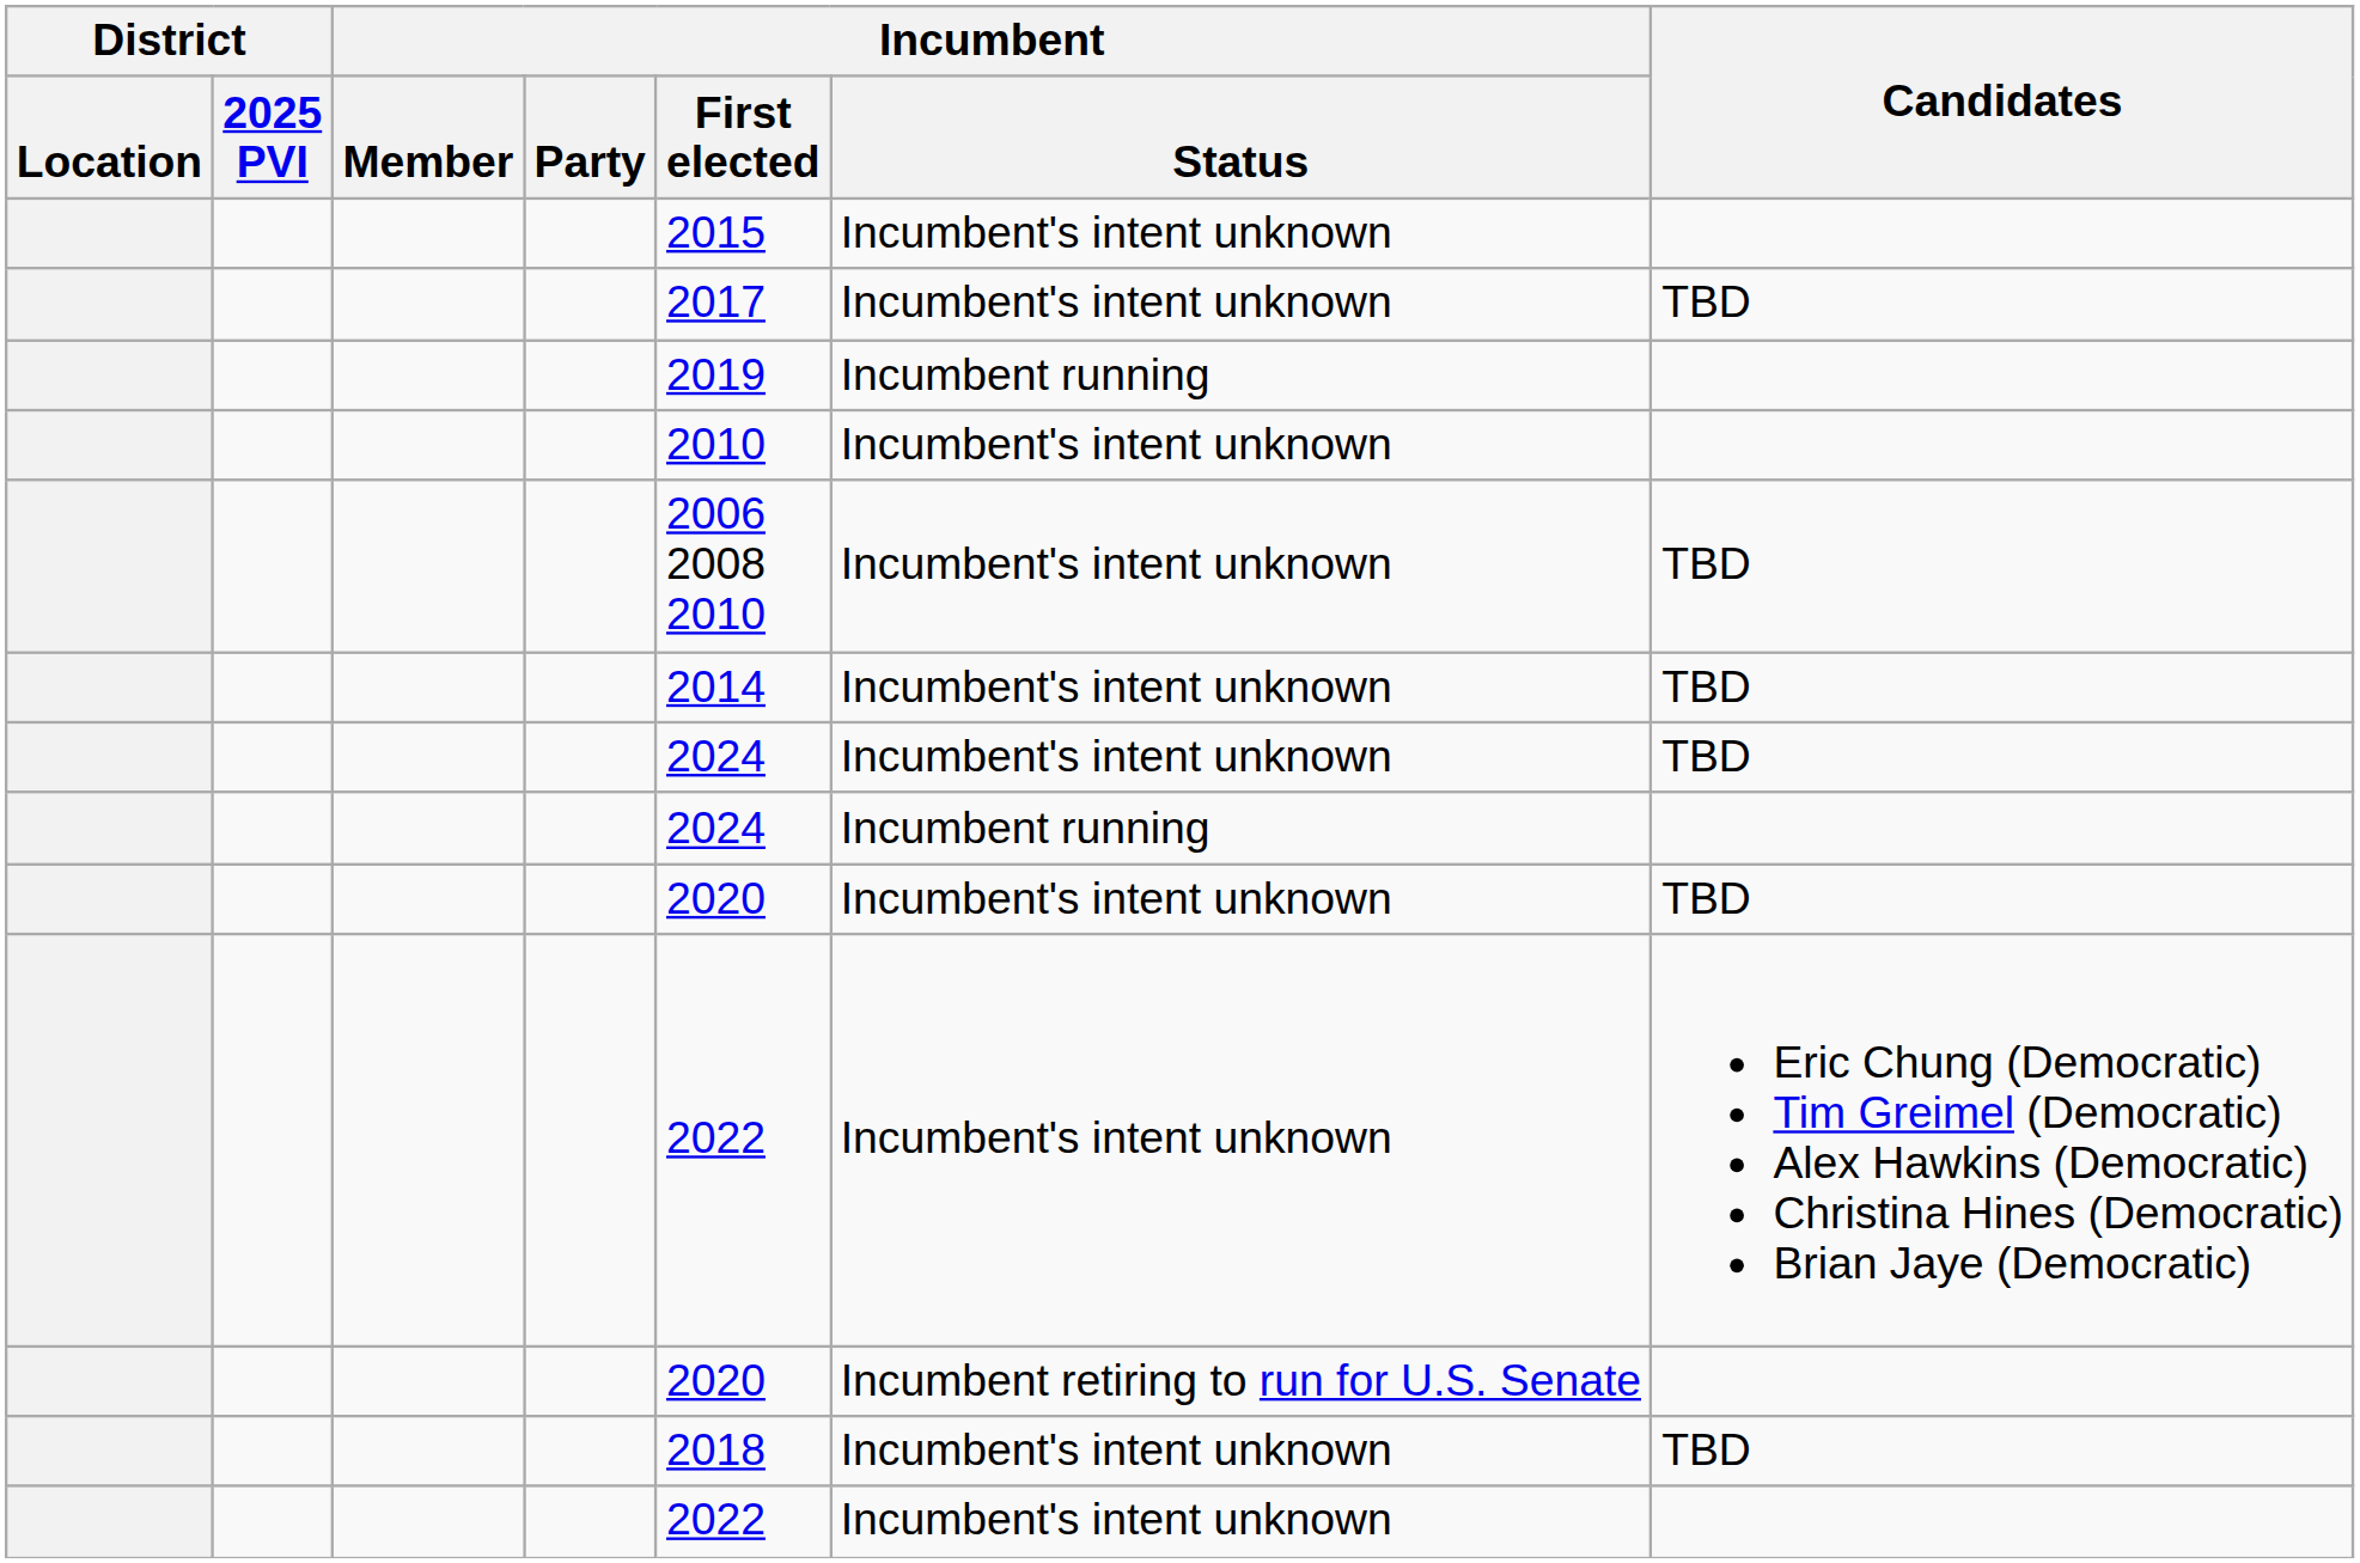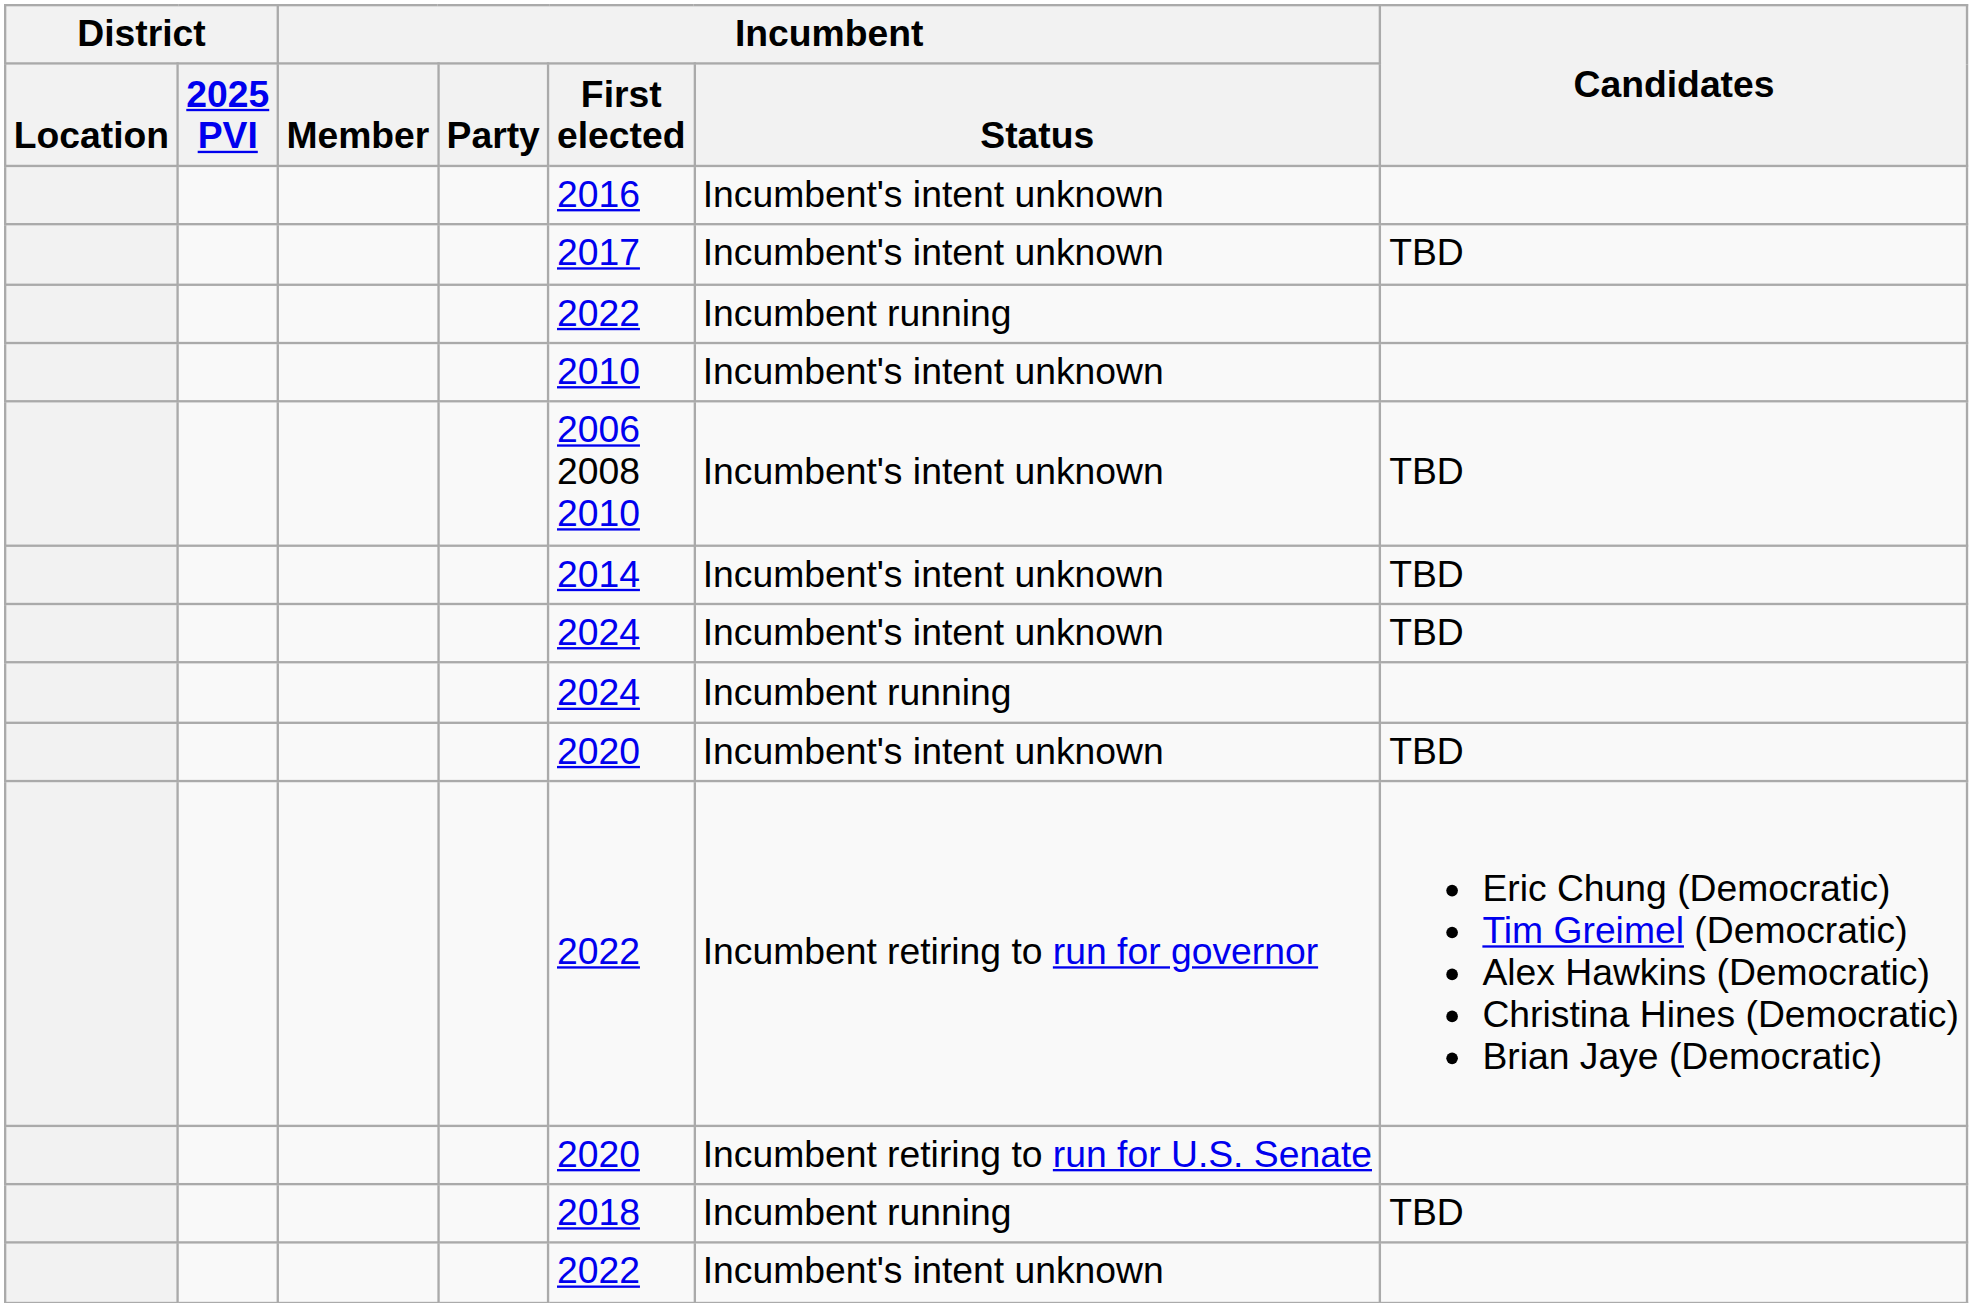 <table class="wikitable sortable">
 <tr>
 <th colspan=2>District</th>
 <th colspan=4>Incumbent</th>
 <th rowspan=2 class="unsortable">Candidates</th>
 </tr>
 <tr valign=bottom>
 <th>Location</th>
 <th><a href='#'>2025<br>PVI</a></th>
 <th>Member</th>
 <th>Party</th>
 <th>First<br>elected</th>
 <th>Status</th>
 </tr>
 <tr>
 <th></th>
 <td></td>
 <td></td>
 <td></td>
-<td><a href='#'>2015</a></td>
+<td><a href='#'>2016</a></td>
 <td>Incumbent's intent unknown</td>
 <td></td>
 </tr>
 <tr>
 <th></th>
 <td></td>
 <td></td>
 <td></td>
 <td><a href='#'>2017</a></td>
 <td>Incumbent's intent unknown</td>
 <td>TBD</td>
 </tr>
 <tr>
 <th></th>
 <td></td>
 <td></td>
 <td></td>
-<td><a href='#'>2019</a></td>
+<td><a href='#'>2022</a></td>
 <td>Incumbent running</td>
 <td></td>
 </tr>
 <tr>
 <th></th>
 <td></td>
 <td></td>
 <td></td>
 <td><a href='#'>2010</a></td>
 <td>Incumbent's intent unknown</td>
 <td></td>
 </tr>
 <tr>
 <th></th>
 <td></td>
 <td></td>
 <td></td>
 <td><a href='#'>2006</a><br>2008 <br><a href='#'>2010</a></td>
 <td>Incumbent's intent unknown</td>
 <td>TBD</td>
 </tr>
 <tr>
 <th></th>
 <td></td>
 <td></td>
 <td></td>
 <td><a href='#'>2014</a></td>
 <td>Incumbent's intent unknown</td>
 <td>TBD</td>
 </tr>
 <tr>
 <th></th>
 <td></td>
 <td></td>
 <td></td>
 <td><a href='#'>2024</a></td>
 <td>Incumbent's intent unknown</td>
 <td>TBD</td>
 </tr>
 <tr>
 <th></th>
 <td></td>
 <td></td>
 <td></td>
 <td><a href='#'>2024</a></td>
 <td>Incumbent running</td>
 <td></td>
 </tr>
 <tr>
 <th></th>
 <td></td>
 <td></td>
 <td></td>
 <td><a href='#'>2020</a></td>
 <td>Incumbent's intent unknown</td>
 <td>TBD</td>
 </tr>
 <tr>
 <th></th>
 <td></td>
 <td></td>
 <td></td>
 <td><a href='#'>2022</a></td>
-<td>Incumbent's intent unknown</td>
+<td>Incumbent retiring to <a href='#'>run for governor</a></td>
 <td><br><ul><li>Eric Chung (Democratic)</li><li><a href='#'>Tim Greimel</a> (Democratic)</li><li>Alex Hawkins (Democratic)</li><li>Christina Hines (Democratic)</li><li>Brian Jaye (Democratic)</li></ul></td>
 </tr>
 <tr>
 <th></th>
 <td></td>
 <td></td>
 <td></td>
 <td><a href='#'>2020</a></td>
 <td>Incumbent retiring to <a href='#'>run for U.S. Senate</a></td>
 <td></td>
 </tr>
 <tr>
 <th></th>
 <td></td>
 <td></td>
 <td></td>
 <td><a href='#'>2018</a></td>
-<td>Incumbent's intent unknown</td>
+<td>Incumbent running</td>
 <td>TBD</td>
 </tr>
 <tr>
 <th></th>
 <td></td>
 <td></td>
 <td></td>
 <td><a href='#'>2022</a></td>
 <td>Incumbent's intent unknown</td>
 <td></td>
 </tr>
 </table>
